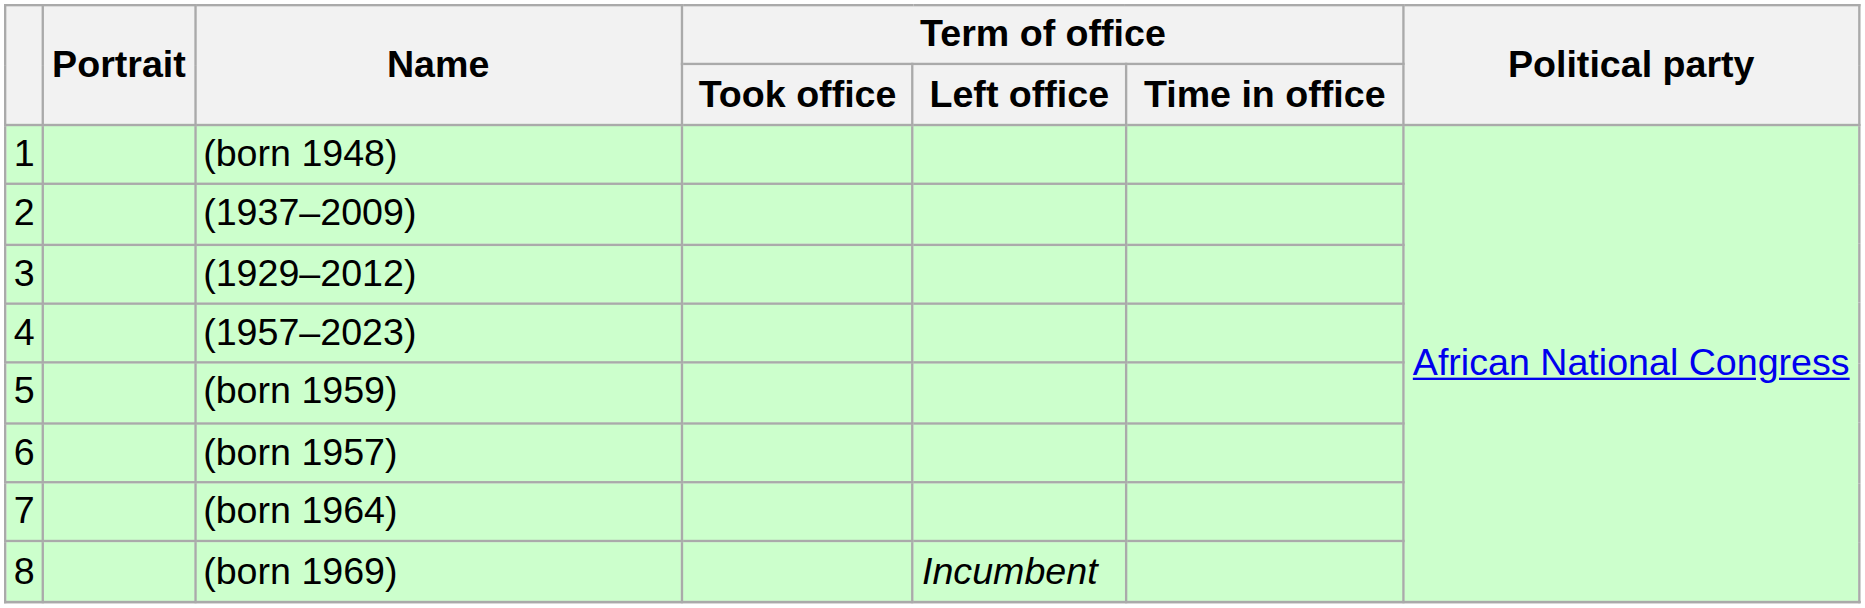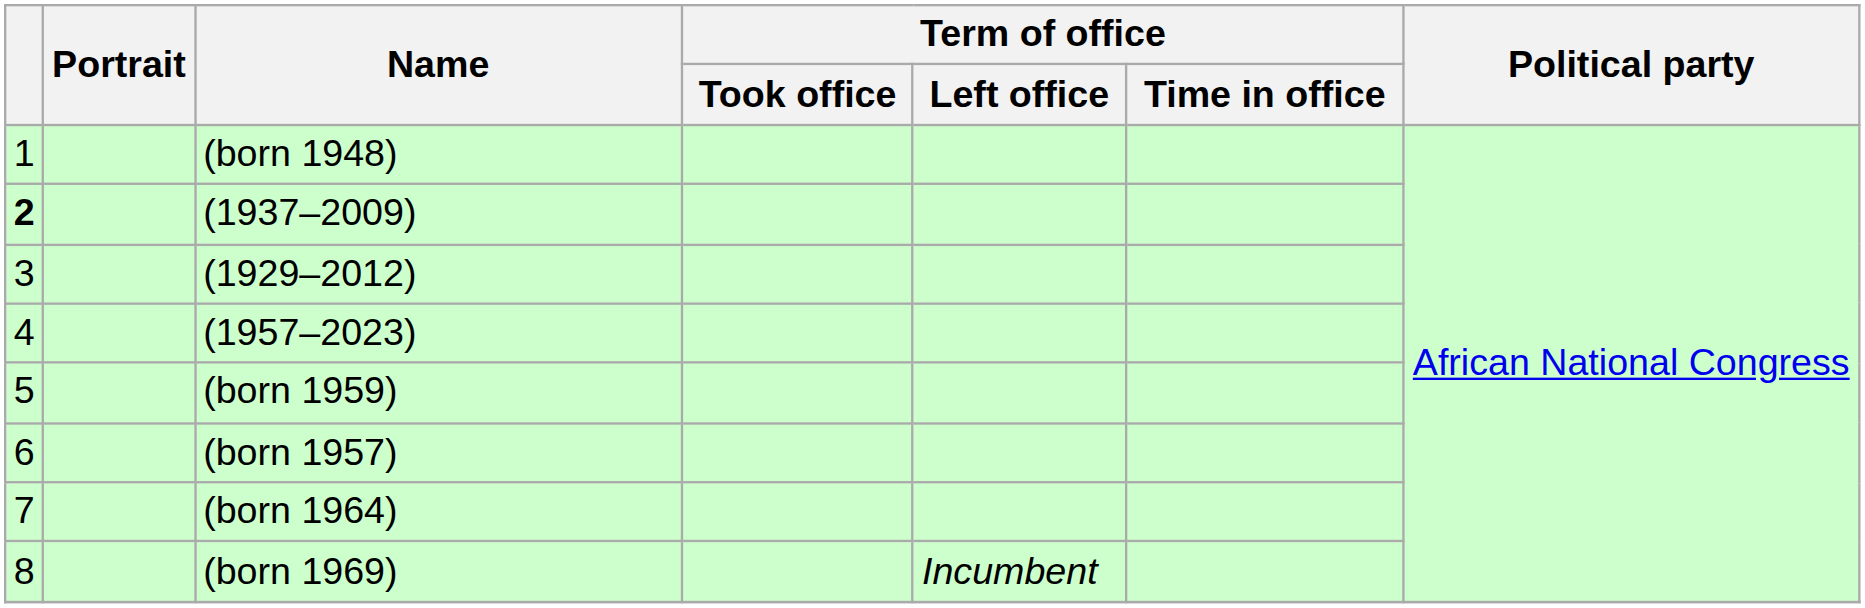 <table class="wikitable sortable">
 <tr>
 <th rowspan="2"></th>
 <th rowspan="2">Portrait</th>
 <th rowspan="2" width="200px">Name<br></th>
 <th colspan="3" width="300px">Term of office</th>
 <th rowspan="2">Political party</th>
 </tr>
 <tr>
 <th>Took office</th>
 <th>Left office</th>
 <th>Time in office</th>
 </tr>
 <tr bgcolor=#CCFFCC>
 <td>1</td>
 <td></td>
 <td> (born 1948)</td>
 <td></td>
 <td></td>
 <td></td>
 <td rowspan=8><a href='#'>African National Congress</a></td>
 </tr>
 <tr bgcolor=#CCFFCC>
-<td>2</td>
+<td><strong>2</strong></td>
 <td></td>
 <td> (1937–2009)</td>
 <td></td>
 <td></td>
 <td></td>
 </tr>
 <tr bgcolor=#CCFFCC>
 <td>3</td>
 <td></td>
 <td> (1929–2012)</td>
 <td></td>
 <td></td>
 <td></td>
 </tr>
 <tr bgcolor=#CCFFCC>
 <td>4</td>
 <td></td>
 <td> (1957–2023)</td>
 <td></td>
 <td></td>
 <td></td>
 </tr>
 <tr bgcolor=#CCFFCC>
 <td>5</td>
 <td></td>
 <td> (born 1959)</td>
 <td></td>
 <td></td>
 <td></td>
 </tr>
 <tr bgcolor=#CCFFCC>
 <td>6</td>
 <td></td>
 <td> (born 1957)</td>
 <td></td>
 <td></td>
 <td></td>
 </tr>
 <tr bgcolor=#CCFFCC>
 <td>7</td>
 <td></td>
 <td> (born 1964)</td>
 <td></td>
 <td></td>
 <td></td>
 </tr>
 <tr bgcolor=#CCFFCC>
 <td>8</td>
 <td></td>
 <td> (born 1969)</td>
 <td></td>
 <td><em>Incumbent</em></td>
 <td></td>
 </tr>
 <tr bgcolor=#CCFFCC>
 </tr>
 </table>
